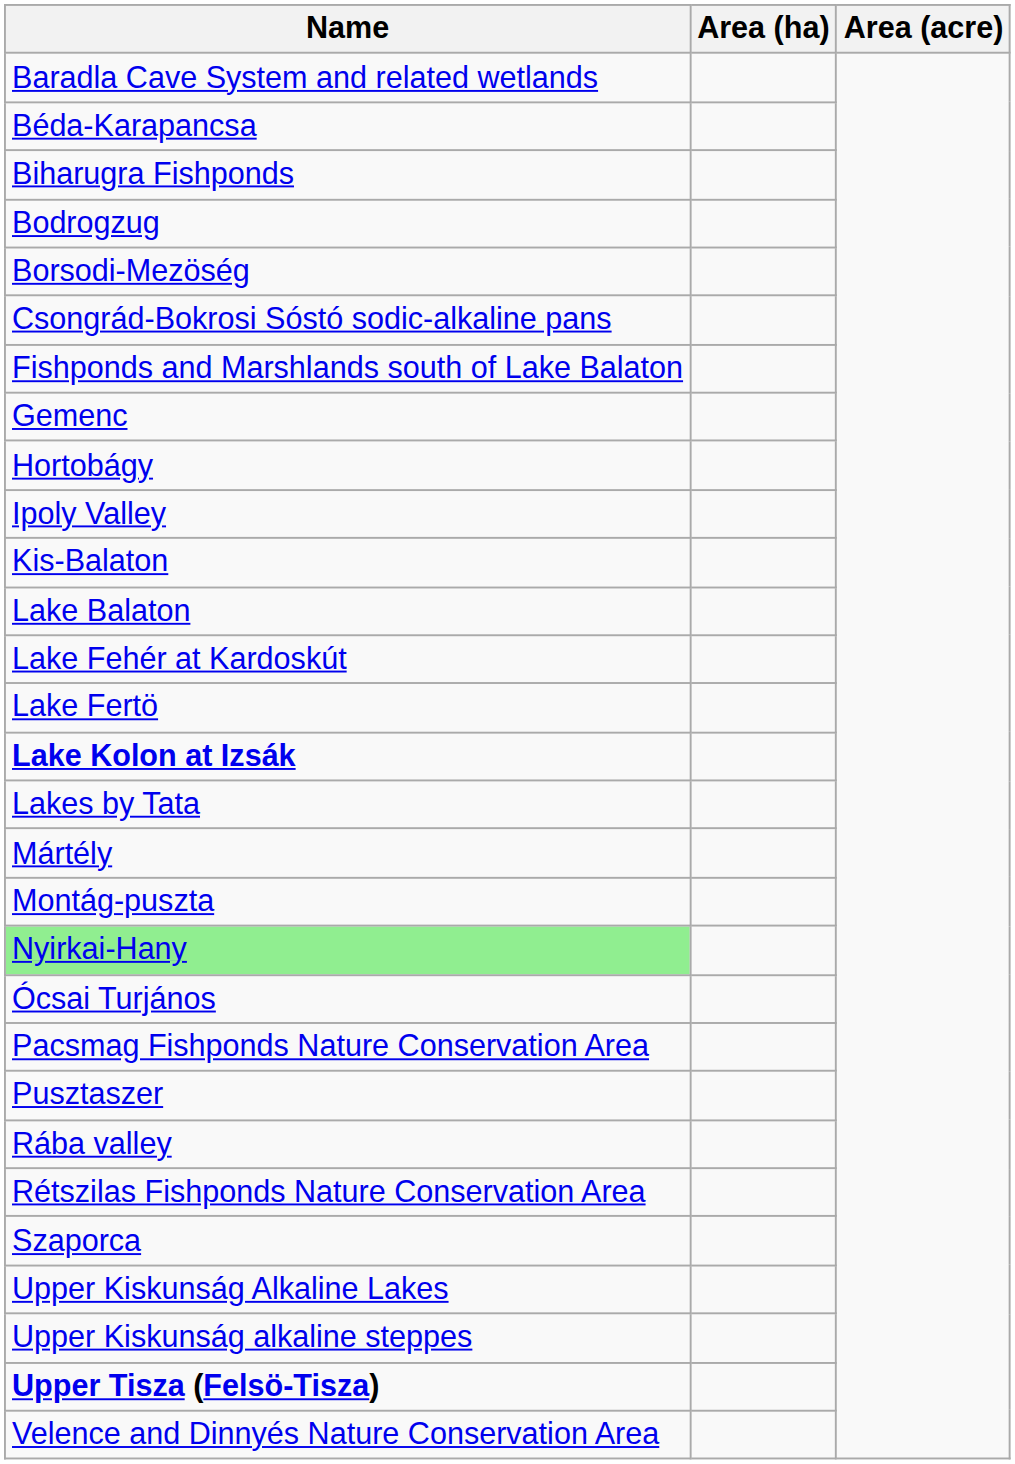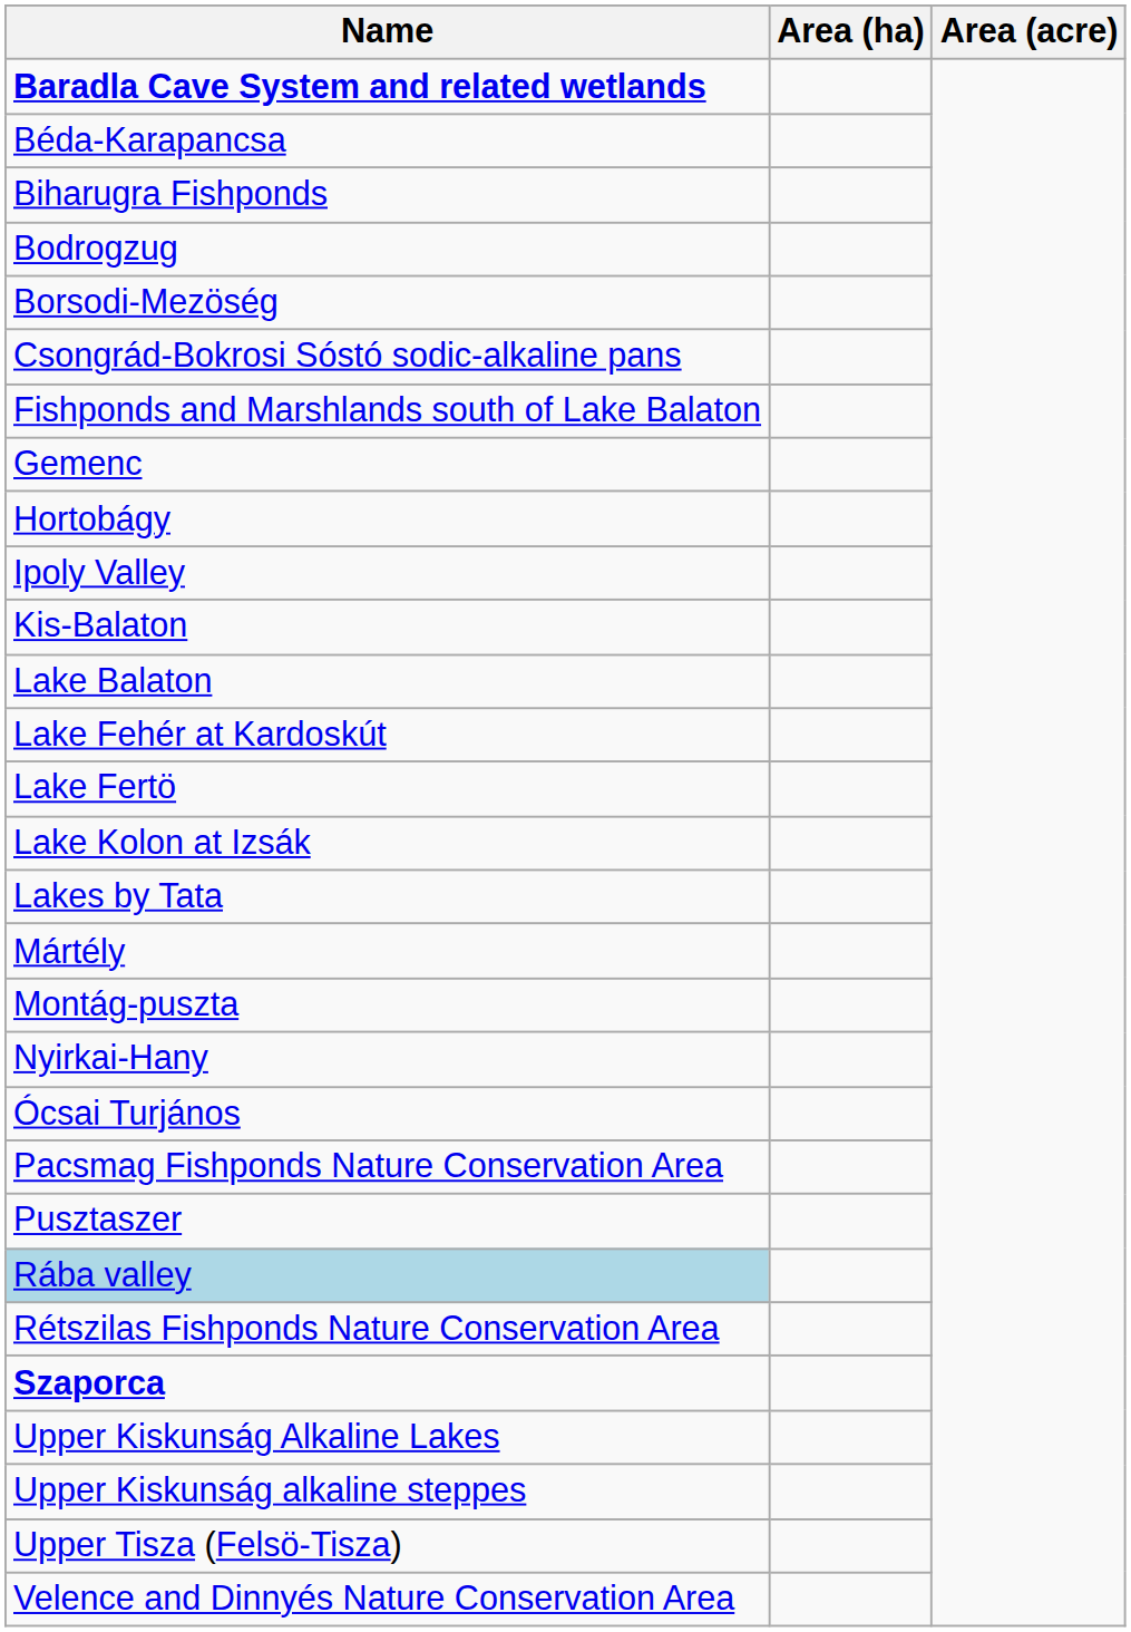 <table class="wikitable">
 <tr>
 <th scope="col" align=left>Name</th>
 <th scope="col">Area (ha)</th>
 <th scope="col">Area (acre)</th>
 </tr>
 <tr ---->
-<td><a href='#'>Baradla Cave System and related wetlands</a></td>
+<td><strong><a href='#'>Baradla Cave System and related wetlands</a></strong></td>
 <td></td>
 </tr>
 <tr ---->
 <td><a href='#'>Béda-Karapancsa</a></td>
 <td></td>
 </tr>
 <tr ---->
 <td><a href='#'>Biharugra Fishponds</a></td>
 <td></td>
 </tr>
 <tr ---->
 <td><a href='#'>Bodrogzug</a></td>
 <td></td>
 </tr>
 <tr ---->
 <td><a href='#'>Borsodi-Mezöség</a></td>
 <td></td>
 </tr>
 <tr ---->
 <td><a href='#'>Csongrád-Bokrosi Sóstó sodic-alkaline pans</a></td>
 <td></td>
 </tr>
 <tr ---->
 <td><a href='#'>Fishponds and Marshlands south of Lake Balaton </a></td>
 <td></td>
 </tr>
 <tr ---->
 <td><a href='#'>Gemenc</a></td>
 <td></td>
 </tr>
 <tr ---->
 <td><a href='#'>Hortobágy</a></td>
 <td></td>
 </tr>
 <tr ---->
 <td><a href='#'>Ipoly Valley</a></td>
 <td></td>
 </tr>
 <tr ---->
 <td><a href='#'>Kis-Balaton</a></td>
 <td></td>
 </tr>
 <tr ---->
 <td><a href='#'>Lake Balaton</a></td>
 <td></td>
 </tr>
 <tr ---->
 <td><a href='#'>Lake Fehér at Kardoskút</a></td>
 <td></td>
 </tr>
 <tr ---->
 <td><a href='#'>Lake Fertö</a></td>
 <td></td>
 </tr>
 <tr ---->
-<td><strong><a href='#'>Lake Kolon at Izsák</a></strong></td>
+<td><a href='#'>Lake Kolon at Izsák</a></td>
 <td></td>
 </tr>
 <tr ---->
 <td><a href='#'>Lakes by Tata</a></td>
 <td></td>
 </tr>
 <tr ---->
 <td><a href='#'>Mártély</a></td>
 <td></td>
 </tr>
 <tr ---->
 <td><a href='#'>Montág-puszta</a></td>
 <td></td>
 </tr>
 <tr ---->
-<td style="background: lightgreen;"><a href='#'>Nyirkai-Hany</a></td>
+<td><a href='#'>Nyirkai-Hany</a></td>
 <td></td>
 </tr>
 <tr ---->
 <td><a href='#'>Ócsai Turjános</a></td>
 <td></td>
 </tr>
 <tr ---->
 <td><a href='#'>Pacsmag Fishponds Nature Conservation Area</a></td>
 <td></td>
 </tr>
 <tr ---->
 <td><a href='#'>Pusztaszer</a></td>
 <td></td>
 </tr>
 <tr ---->
-<td><a href='#'>Rába valley</a></td>
+<td style="background: lightblue;"><a href='#'>Rába valley</a></td>
 <td></td>
 </tr>
 <tr ---->
 <td><a href='#'>Rétszilas Fishponds Nature Conservation Area</a></td>
 <td></td>
 </tr>
 <tr ---->
-<td><a href='#'>Szaporca</a></td>
+<td><strong><a href='#'>Szaporca</a></strong></td>
 <td></td>
 </tr>
 <tr ---->
 <td><a href='#'>Upper Kiskunság Alkaline Lakes</a></td>
 <td></td>
 </tr>
 <tr ---->
 <td><a href='#'>Upper Kiskunság alkaline steppes</a></td>
 <td></td>
 </tr>
 <tr ---->
-<td><strong><a href='#'>Upper Tisza</a> (<a href='#'>Felsö-Tisza</a>)</strong></td>
+<td><a href='#'>Upper Tisza</a> (<a href='#'>Felsö-Tisza</a>)</td>
 <td></td>
 </tr>
 <tr ---->
 <td><a href='#'>Velence and Dinnyés Nature Conservation Area</a></td>
 <td></td>
 </tr>
 </table>
